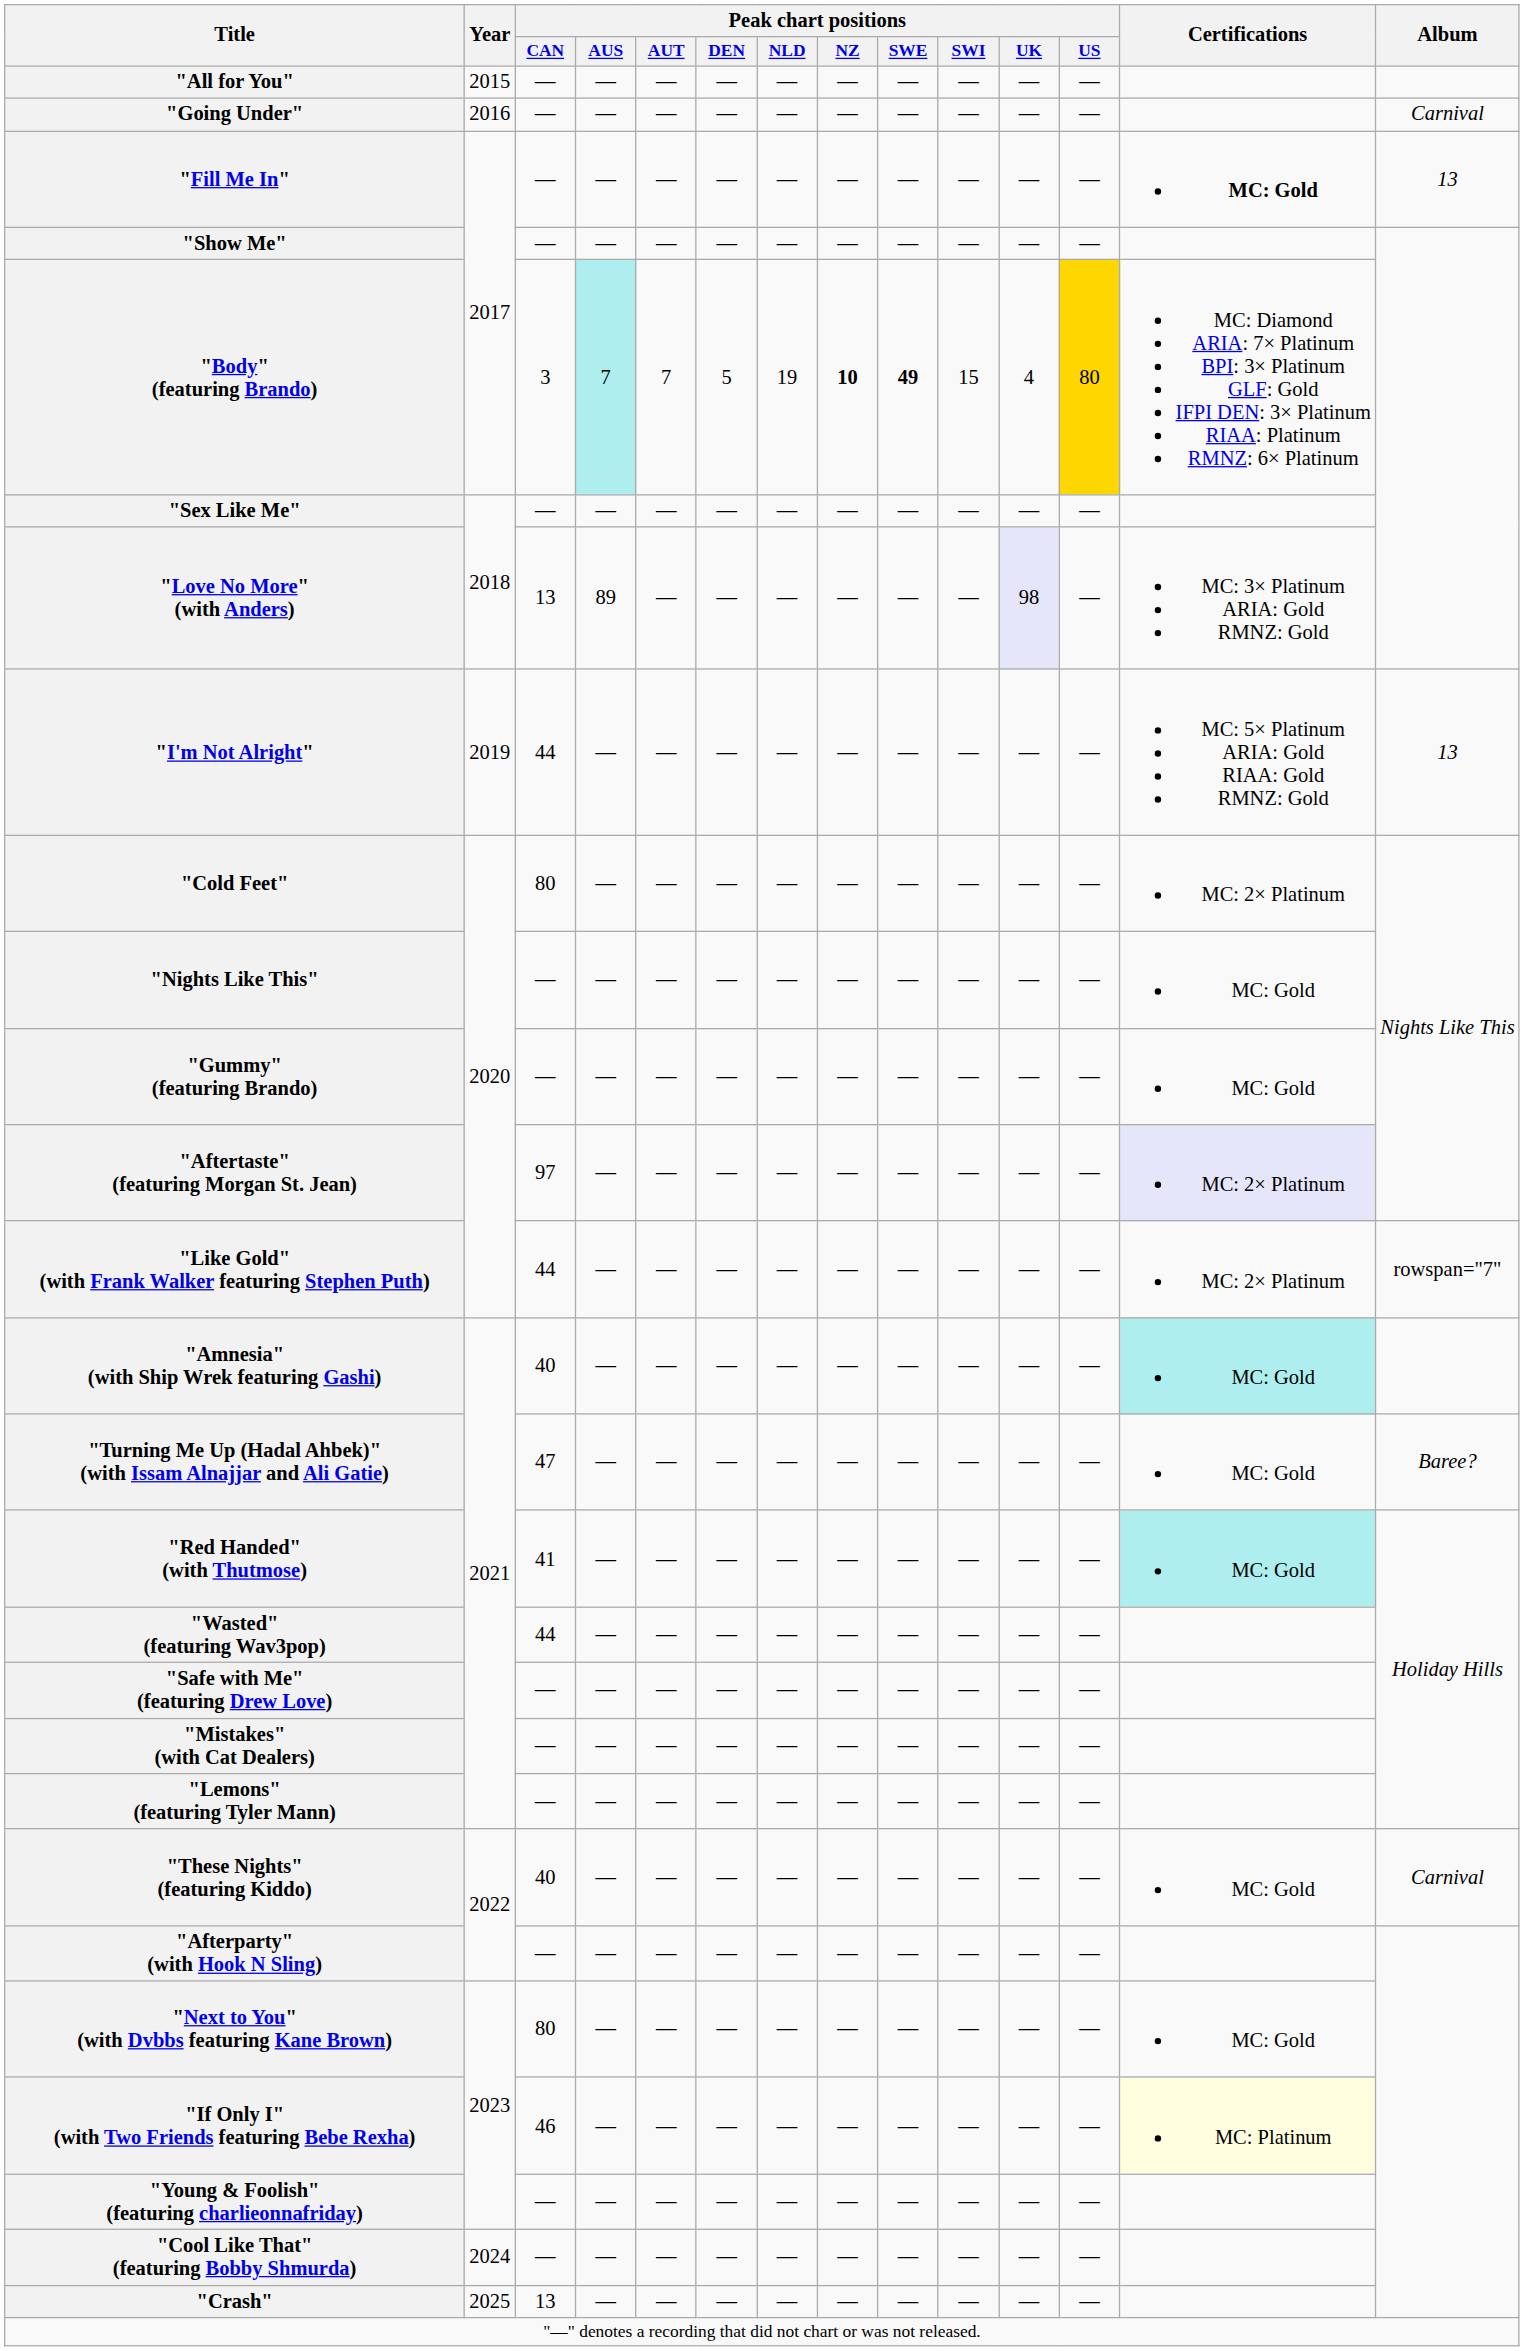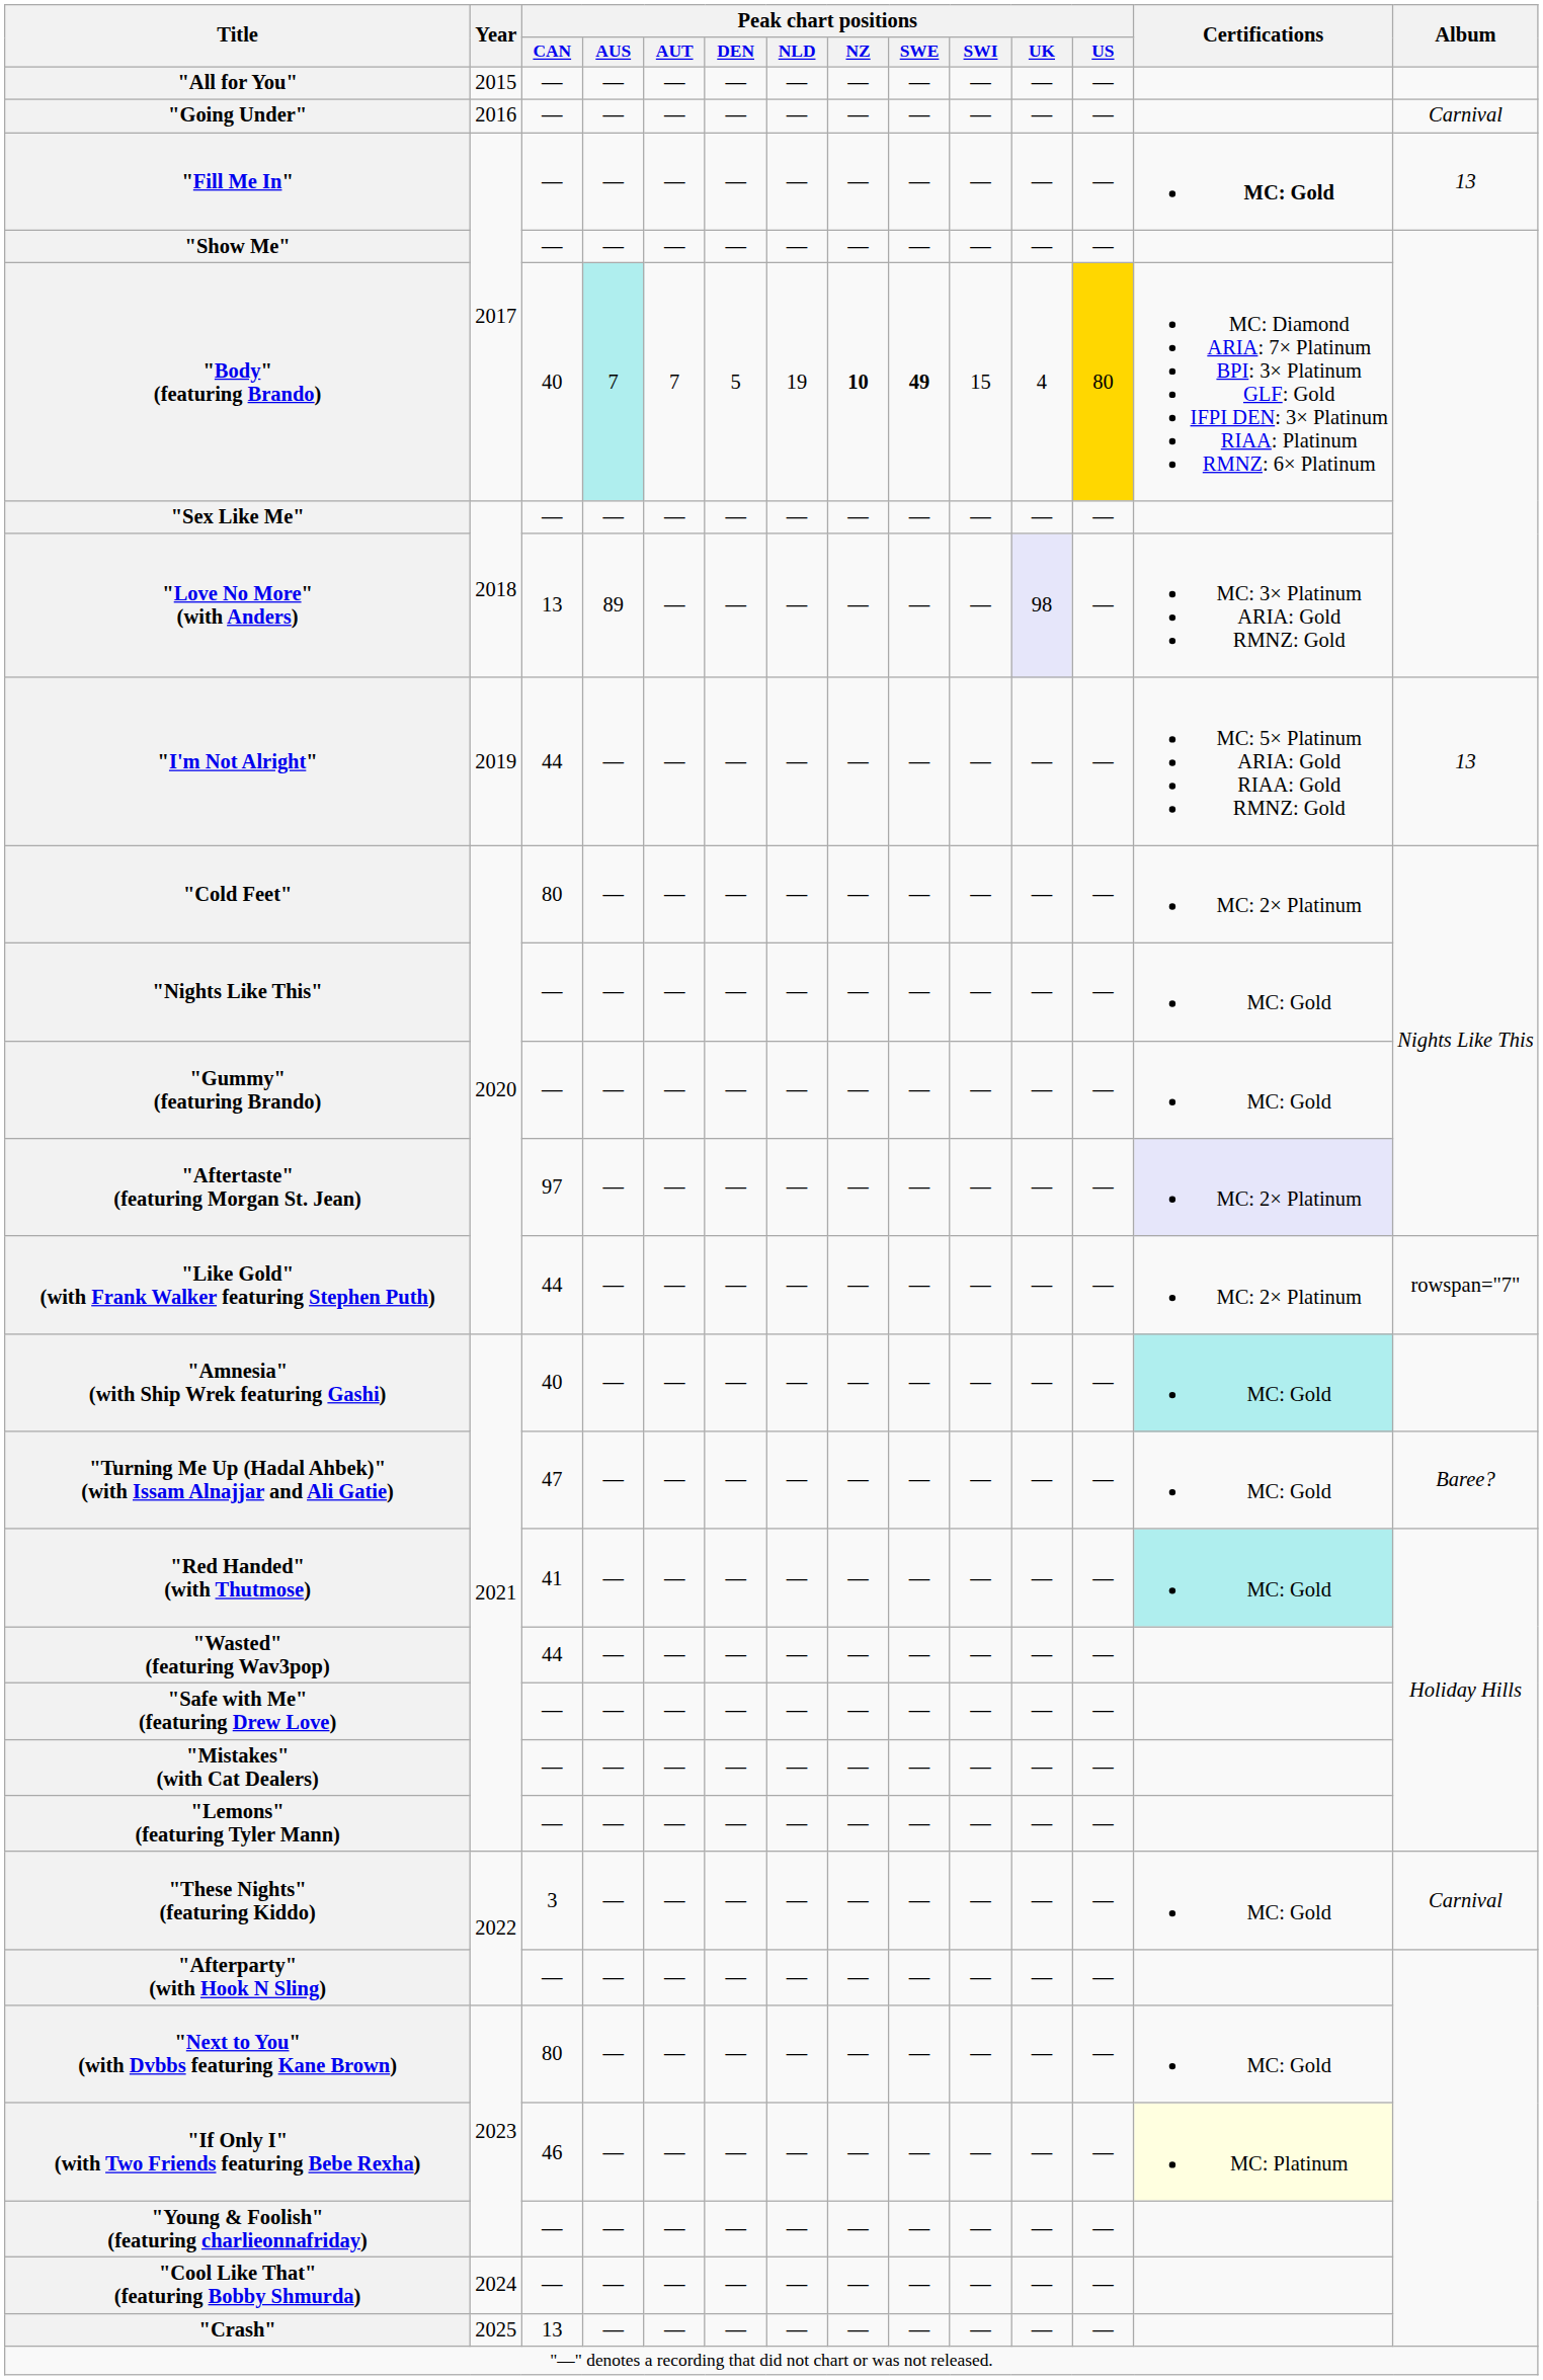 <table class="wikitable plainrowheaders" style="text-align:center;">
 <tr>
 <th scope="col" rowspan="2" style="width:22em;">Title</th>
 <th scope="col" rowspan="2" style="width:1em;">Year</th>
 <th scope="col" colspan="10">Peak chart positions</th>
 <th scope="col" rowspan="2">Certifications</th>
 <th scope="col" rowspan="2">Album</th>
 </tr>
 <tr>
 <th scope="col" style="width:3em;font-size:85%;"><a href='#'>CAN</a><br></th>
 <th scope="col" style="width:3em;font-size:85%;"><a href='#'>AUS</a><br></th>
 <th scope="col" style="width:3em;font-size:85%;"><a href='#'>AUT</a><br></th>
 <th scope="col" style="width:3em;font-size:85%;"><a href='#'>DEN</a><br></th>
 <th scope="col" style="width:3em;font-size:85%;"><a href='#'>NLD</a><br></th>
 <th scope="col" style="width:3em;font-size:85%;"><a href='#'>NZ</a><br></th>
 <th scope="col" style="width:3em;font-size:85%;"><a href='#'>SWE</a><br></th>
 <th scope="col" style="width:3em;font-size:85%;"><a href='#'>SWI</a><br></th>
 <th scope="col" style="width:3em;font-size:85%;"><a href='#'>UK</a><br></th>
 <th scope="col" style="width:3em;font-size:85%;"><a href='#'>US</a><br></th>
 </tr>
 <tr>
 <th scope="row">"All for You"<br></th>
 <td>2015</td>
 <td>—</td>
 <td>—</td>
 <td>—</td>
 <td>—</td>
 <td>—</td>
 <td>—</td>
 <td>—</td>
 <td>—</td>
 <td>—</td>
 <td>—</td>
 <td></td>
 <td></td>
 </tr>
 <tr>
 <th scope="row">"Going Under"<br></th>
 <td>2016</td>
 <td>—</td>
 <td>—</td>
 <td>—</td>
 <td>—</td>
 <td>—</td>
 <td>—</td>
 <td>—</td>
 <td>—</td>
 <td>—</td>
 <td>—</td>
 <td></td>
 <td><em>Carnival</em></td>
 </tr>
 <tr>
 <th scope="row">"<a href='#'>Fill Me In</a>"<br></th>
 <td rowspan="3">2017</td>
 <td>—</td>
 <td>—</td>
 <td>—</td>
 <td>—</td>
 <td>—</td>
 <td>—</td>
 <td>—</td>
 <td>—</td>
 <td>—</td>
 <td>—</td>
 <td><strong><br><ul><li>MC: Gold</li></ul></strong></td>
 <td><em>13</em></td>
 </tr>
 <tr>
 <th scope="row">"Show Me"<br></th>
 <td>—</td>
 <td>—</td>
 <td>—</td>
 <td>—</td>
 <td>—</td>
 <td>—</td>
 <td>—</td>
 <td>—</td>
 <td>—</td>
 <td>—</td>
 <td></td>
 </tr>
 <tr>
 <th scope="row">"<a href='#'>Body</a>"<br><span>(featuring <a href='#'>Brando</a>)</span></th>
-<td>3</td>
+<td>40</td>
 <td style="background: paleturquoise;">7</td>
 <td>7</td>
 <td>5</td>
 <td>19</td>
 <td><strong>10</strong></td>
 <td><strong>49</strong></td>
 <td>15</td>
 <td>4</td>
 <td style="background: gold;">80</td>
 <td><br><ul><li>MC: Diamond</li><li><a href='#'>ARIA</a>: 7× Platinum</li><li><a href='#'>BPI</a>: 3× Platinum</li><li><a href='#'>GLF</a>: Gold</li><li><a href='#'>IFPI DEN</a>: 3× Platinum</li><li><a href='#'>RIAA</a>: Platinum</li><li><a href='#'>RMNZ</a>: 6× Platinum</li></ul></td>
 </tr>
 <tr>
 <th scope="row">"Sex Like Me"<br></th>
 <td rowspan="2">2018</td>
 <td>—</td>
 <td>—</td>
 <td>—</td>
 <td>—</td>
 <td>—</td>
 <td>—</td>
 <td>—</td>
 <td>—</td>
 <td>—</td>
 <td>—</td>
 <td></td>
 </tr>
 <tr>
 <th scope="row">"<a href='#'>Love No More</a>"<br><span>(with <a href='#'>Anders</a>)</span></th>
 <td>13</td>
 <td>89</td>
 <td>—</td>
 <td>—</td>
 <td>—</td>
 <td>—</td>
 <td>—</td>
 <td>—</td>
 <td style="background: lavender;">98</td>
 <td>—</td>
 <td><br><ul><li>MC: 3× Platinum</li><li>ARIA: Gold</li><li>RMNZ: Gold</li></ul></td>
 </tr>
 <tr>
 <th scope="row">"<a href='#'>I'm Not Alright</a>"<br></th>
 <td>2019</td>
 <td>44</td>
 <td>—</td>
 <td>—</td>
 <td>—</td>
 <td>—</td>
 <td>—</td>
 <td>—</td>
 <td>—</td>
 <td>—</td>
 <td>—</td>
 <td><br><ul><li>MC: 5× Platinum</li><li>ARIA: Gold</li><li>RIAA: Gold</li><li>RMNZ: Gold</li></ul></td>
 <td><em>13</em></td>
 </tr>
 <tr>
 <th scope="row">"Cold Feet"</th>
 <td rowspan="5">2020</td>
 <td>80</td>
 <td>—</td>
 <td>—</td>
 <td>—</td>
 <td>—</td>
 <td>—</td>
 <td>—</td>
 <td>—</td>
 <td>—</td>
 <td>—</td>
 <td><br><ul><li>MC: 2× Platinum</li></ul></td>
 <td rowspan="4"><em>Nights Like This</em></td>
 </tr>
 <tr>
 <th scope="row">"Nights Like This"<br></th>
 <td>—</td>
 <td>—</td>
 <td>—</td>
 <td>—</td>
 <td>—</td>
 <td>—</td>
 <td>—</td>
 <td>—</td>
 <td>—</td>
 <td>—</td>
 <td><br><ul><li>MC: Gold</li></ul></td>
 </tr>
 <tr>
 <th scope="row">"Gummy"<br><span>(featuring Brando)</span></th>
 <td>—</td>
 <td>—</td>
 <td>—</td>
 <td>—</td>
 <td>—</td>
 <td>—</td>
 <td>—</td>
 <td>—</td>
 <td>—</td>
 <td>—</td>
 <td><br><ul><li>MC: Gold</li></ul></td>
 </tr>
 <tr>
 <th scope="row">"Aftertaste"<br><span>(featuring Morgan St. Jean)</span></th>
 <td>97</td>
 <td>—</td>
 <td>—</td>
 <td>—</td>
 <td>—</td>
 <td>—</td>
 <td>—</td>
 <td>—</td>
 <td>—</td>
 <td>—</td>
 <td style="background: lavender;"><br><ul><li>MC: 2× Platinum</li></ul></td>
 </tr>
 <tr>
 <th scope="row">"Like Gold" <br><span>(with <a href='#'>Frank Walker</a> featuring <a href='#'>Stephen Puth</a>)</span></th>
 <td>44</td>
 <td>—</td>
 <td>—</td>
 <td>—</td>
 <td>—</td>
 <td>—</td>
 <td>—</td>
 <td>—</td>
 <td>—</td>
 <td>—</td>
 <td><br><ul><li>MC: 2× Platinum</li></ul></td>
 <td>rowspan="7" </td>
 </tr>
 <tr>
 <th scope="row">"Amnesia"<br><span>(with Ship Wrek featuring <a href='#'>Gashi</a>)</span></th>
 <td rowspan="7">2021</td>
 <td>40</td>
 <td>—</td>
 <td>—</td>
 <td>—</td>
 <td>—</td>
 <td>—</td>
 <td>—</td>
 <td>—</td>
 <td>—</td>
 <td>—</td>
 <td style="background: paleturquoise;"><br><ul><li>MC: Gold</li></ul></td>
 </tr>
 <tr>
 <th scope="row">"Turning Me Up (Hadal Ahbek)"<br><span>(with <a href='#'>Issam Alnajjar</a> and <a href='#'>Ali Gatie</a>)</span></th>
 <td>47</td>
 <td>—</td>
 <td>—</td>
 <td>—</td>
 <td>—</td>
 <td>—</td>
 <td>—</td>
 <td>—</td>
 <td>—</td>
 <td>—</td>
 <td><br><ul><li>MC: Gold</li></ul></td>
 <td><em>Baree?</em></td>
 </tr>
 <tr>
 <th scope="row">"Red Handed"<br><span>(with <a href='#'>Thutmose</a>)</span></th>
 <td>41</td>
 <td>—</td>
 <td>—</td>
 <td>—</td>
 <td>—</td>
 <td>—</td>
 <td>—</td>
 <td>—</td>
 <td>—</td>
 <td>—</td>
 <td style="background: paleturquoise;"><br><ul><li>MC: Gold</li></ul></td>
 <td rowspan="5"><em>Holiday Hills</em></td>
 </tr>
 <tr>
 <th scope="row">"Wasted"<br><span>(featuring Wav3pop)</span></th>
 <td>44</td>
 <td>—</td>
 <td>—</td>
 <td>—</td>
 <td>—</td>
 <td>—</td>
 <td>—</td>
 <td>—</td>
 <td>—</td>
 <td>—</td>
 <td></td>
 </tr>
 <tr>
 <th scope="row">"Safe with Me"<br><span>(featuring <a href='#'>Drew Love</a>)</span></th>
 <td>—</td>
 <td>—</td>
 <td>—</td>
 <td>—</td>
 <td>—</td>
 <td>—</td>
 <td>—</td>
 <td>—</td>
 <td>—</td>
 <td>—</td>
 <td></td>
 </tr>
 <tr>
 <th scope="row">"Mistakes"<br><span>(with Cat Dealers)</span></th>
 <td>—</td>
 <td>—</td>
 <td>—</td>
 <td>—</td>
 <td>—</td>
 <td>—</td>
 <td>—</td>
 <td>—</td>
 <td>—</td>
 <td>—</td>
 <td></td>
 </tr>
 <tr>
 <th scope="row">"Lemons"<br><span>(featuring Tyler Mann)</span></th>
 <td>—</td>
 <td>—</td>
 <td>—</td>
 <td>—</td>
 <td>—</td>
 <td>—</td>
 <td>—</td>
 <td>—</td>
 <td>—</td>
 <td>—</td>
 <td></td>
 </tr>
 <tr>
 <th scope="row">"These Nights"<br><span>(featuring Kiddo)</span></th>
 <td rowspan="2">2022</td>
-<td>40</td>
+<td>3</td>
 <td>—</td>
 <td>—</td>
 <td>—</td>
 <td>—</td>
 <td>—</td>
 <td>—</td>
 <td>—</td>
 <td>—</td>
 <td>—</td>
 <td><br><ul><li>MC: Gold</li></ul></td>
 <td><em>Carnival</em></td>
 </tr>
 <tr>
 <th scope="row">"Afterparty"<br><span>(with <a href='#'>Hook N Sling</a>)</span></th>
 <td>—</td>
 <td>—</td>
 <td>—</td>
 <td>—</td>
 <td>—</td>
 <td>—</td>
 <td>—</td>
 <td>—</td>
 <td>—</td>
 <td>—</td>
 <td></td>
 </tr>
 <tr>
 <th scope="row">"<a href='#'>Next to You</a>"<br><span>(with <a href='#'>Dvbbs</a> featuring <a href='#'>Kane Brown</a>)</span></th>
 <td rowspan="3">2023</td>
 <td>80</td>
 <td>—</td>
 <td>—</td>
 <td>—</td>
 <td>—</td>
 <td>—</td>
 <td>—</td>
 <td>—</td>
 <td>—</td>
 <td>—</td>
 <td><br><ul><li>MC: Gold</li></ul></td>
 </tr>
 <tr>
 <th scope="row">"If Only I"<br><span>(with <a href='#'>Two Friends</a> featuring <a href='#'>Bebe Rexha</a>)</span></th>
 <td>46</td>
 <td>—</td>
 <td>—</td>
 <td>—</td>
 <td>—</td>
 <td>—</td>
 <td>—</td>
 <td>—</td>
 <td>—</td>
 <td>—</td>
 <td style="background: lightyellow;"><br><ul><li>MC: Platinum</li></ul></td>
 </tr>
 <tr>
 <th scope="row">"Young & Foolish"<br><span>(featuring <a href='#'>charlieonnafriday</a>)</span></th>
 <td>—</td>
 <td>—</td>
 <td>—</td>
 <td>—</td>
 <td>—</td>
 <td>—</td>
 <td>—</td>
 <td>—</td>
 <td>—</td>
 <td>—</td>
 <td></td>
 </tr>
 <tr>
 <th scope="row">"Cool Like That"<br><span>(featuring <a href='#'>Bobby Shmurda</a>)</span></th>
 <td>2024</td>
 <td>—</td>
 <td>—</td>
 <td>—</td>
 <td>—</td>
 <td>—</td>
 <td>—</td>
 <td>—</td>
 <td>—</td>
 <td>—</td>
 <td>—</td>
 <td></td>
 </tr>
 <tr>
 <th scope="row">"Crash"</th>
 <td>2025</td>
 <td>13</td>
 <td>—</td>
 <td>—</td>
 <td>—</td>
 <td>—</td>
 <td>—</td>
 <td>—</td>
 <td>—</td>
 <td>—</td>
 <td>—</td>
 <td></td>
 </tr>
 <tr>
 <td colspan="14" style="font-size:85%">"—" denotes a recording that did not chart or was not released.</td>
 </tr>
 </table>
